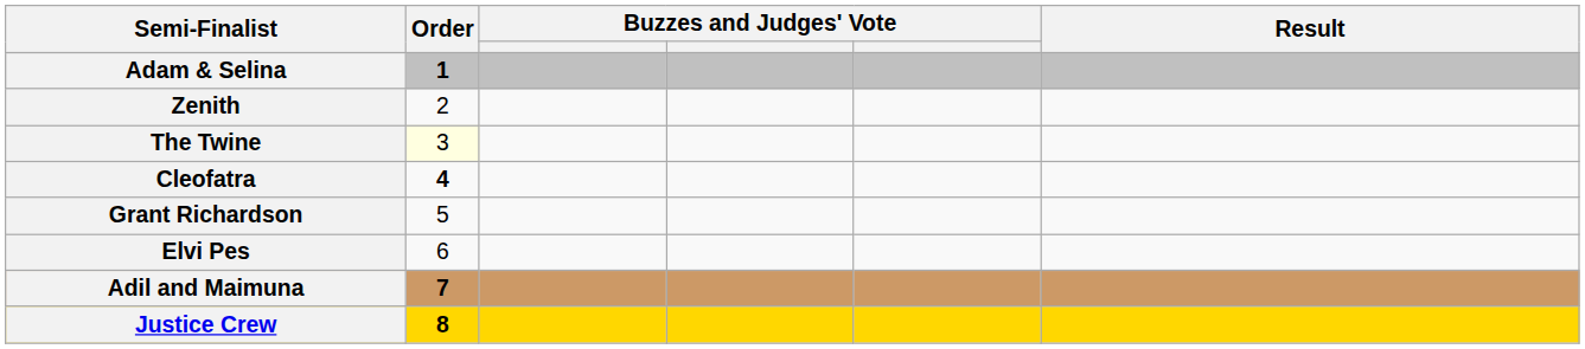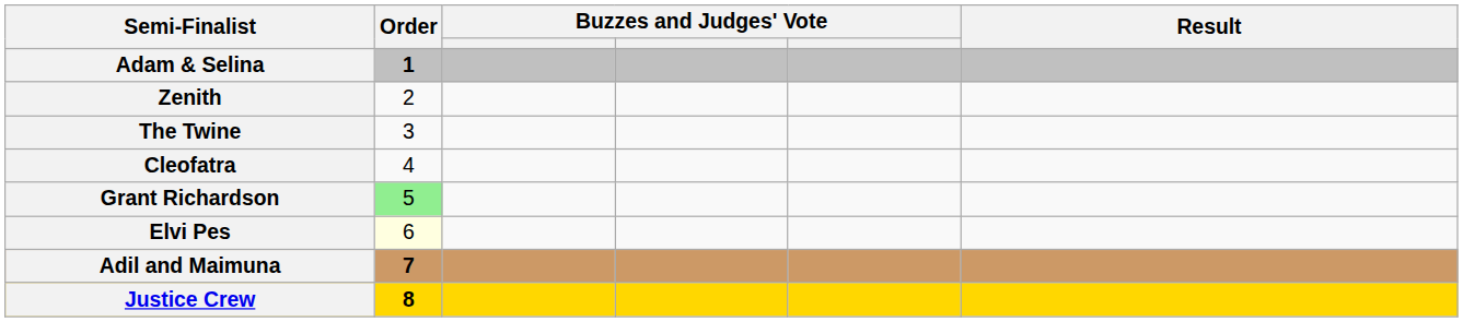 <table class="wikitable plainrowheaders sortable" style="text-align:center;">
 <tr>
 <th scope="col" rowspan=2 class="unsortable" style="width:17em;">Semi-Finalist</th>
 <th scope="col" rowspan=2 style="width:1em;">Order</th>
 <th scope="col" colspan=3 class="unsortable" style="width:24em;">Buzzes and Judges' Vote</th>
 <th scope="col" rowspan=2 style="width:23em;">Result</th>
 </tr>
 <tr>
 <th scope="col" class="unsortable" style="width:6em;"></th>
 <th scope="col" class="unsortable" style="width:6em;"></th>
 <th scope="col" class="unsortable" style="width:6em;"></th>
 </tr>
 <tr bgcolor=silver>
 <th scope="row"><strong>Adam & Selina</strong></th>
 <td><strong>1</strong></td>
 <td style="text-align:center;"></td>
 <td style="text-align:center;"></td>
 <td style="text-align:center;"></td>
 <td><strong></strong></td>
 </tr>
 <tr>
 <th scope="row">Zenith</th>
 <td>2</td>
 <td style="text-align:center;"></td>
 <td style="text-align:center;"></td>
 <td style="text-align:center;"></td>
 <td></td>
 </tr>
 <tr>
 <th scope="row">The Twine</th>
-<td style="background: lightyellow;">3</td>
+<td>3</td>
 <td style="text-align:center;"></td>
 <td style="text-align:center;"></td>
 <td style="text-align:center;"></td>
 <td></td>
 </tr>
 <tr>
 <th scope="row">Cleofatra</th>
-<td><strong>4</strong></td>
+<td>4</td>
 <td style="text-align:center;"></td>
 <td style="text-align:center;"></td>
 <td style="text-align:center;"></td>
 <td></td>
 </tr>
 <tr>
 <th scope="row">Grant Richardson</th>
-<td>5</td>
+<td style="background: lightgreen;">5</td>
 <td style="text-align:center;"></td>
 <td style="text-align:center;"></td>
 <td style="text-align:center;"></td>
 <td></td>
 </tr>
 <tr>
 <th scope="row">Elvi Pes</th>
-<td>6</td>
+<td style="background: lightyellow;">6</td>
 <td style="text-align:center;"></td>
 <td style="text-align:center;"></td>
 <td style="text-align:center;"></td>
 <td></td>
 </tr>
 <tr bgcolor=#c96>
 <th scope="row"><strong>Adil and Maimuna</strong></th>
 <td><strong>7</strong></td>
 <td style="text-align:center;"></td>
 <td style="text-align:center;"></td>
 <td style="text-align:center;"></td>
 <td><strong></strong></td>
 </tr>
 <tr bgcolor=gold>
 <th scope="row"><strong><a href='#'>Justice Crew</a></strong></th>
 <td><strong>8</strong></td>
 <td style="text-align:center;"></td>
 <td style="text-align:center;"></td>
 <td style="text-align:center;"></td>
 <td><strong></strong></td>
 </tr>
 </table>
